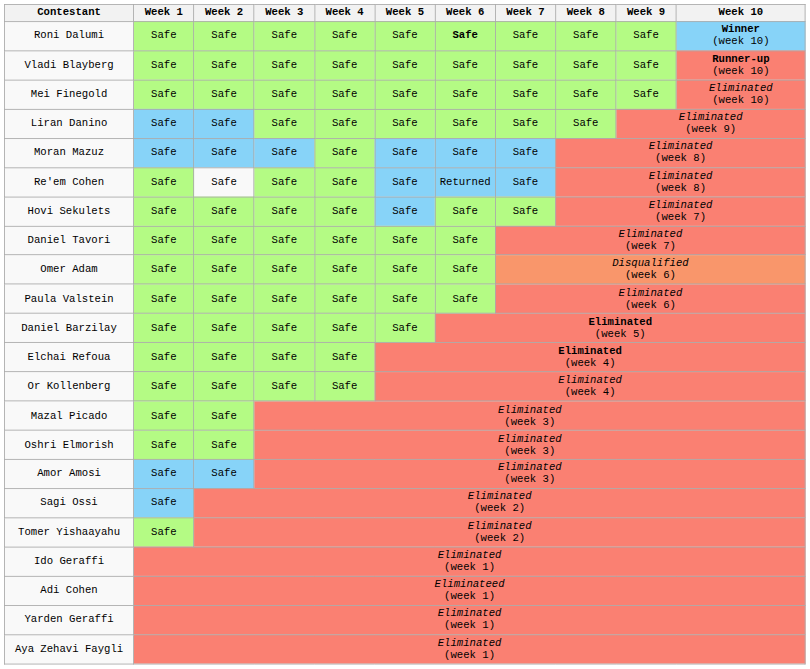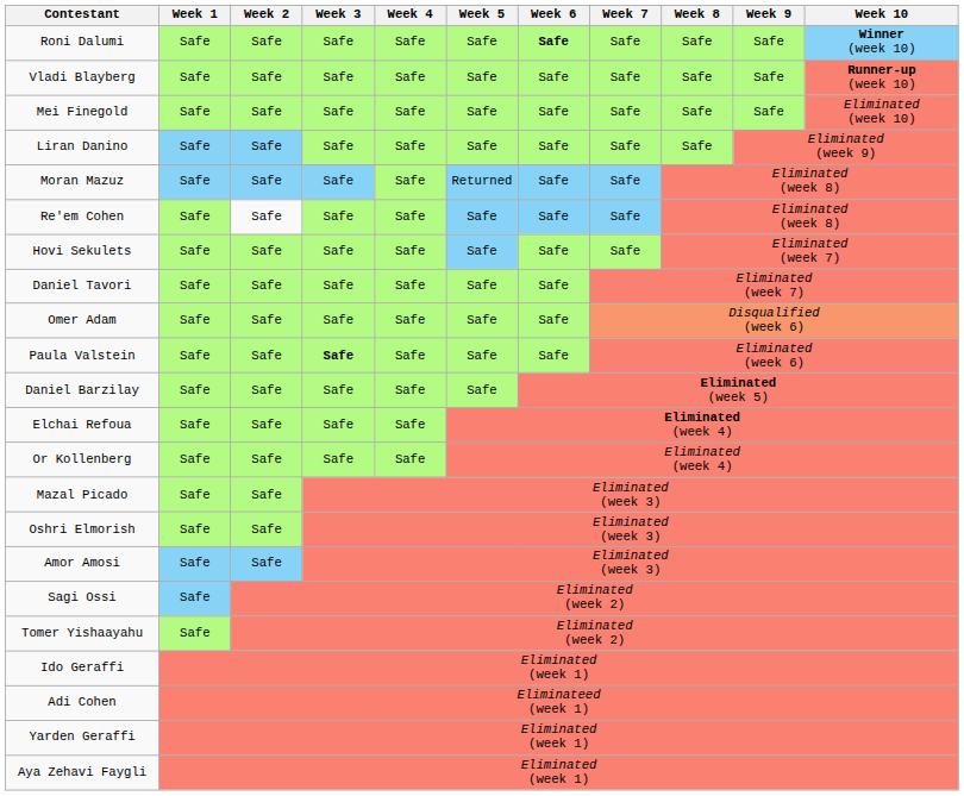 <table class="wikitable" style="text-align:center; font-size:95%">
 <tr>
 <th style="width:15%">Contestant</th>
 <th style="width:7%">Week 1</th>
 <th style="width:7%">Week 2</th>
 <th style="width:7%">Week 3</th>
 <th style="width:7%">Week 4</th>
 <th style="width:7%">Week 5</th>
 <th style="width:7%">Week 6</th>
 <th style="width:7%">Week 7</th>
 <th style="width:7%">Week 8</th>
 <th style="width:7%">Week 9</th>
 <th style="width:15%">Week 10</th>
 </tr>
 <tr>
 <td>Roni Dalumi</td>
 <td style="background:#B4FB84">Safe</td>
 <td style="background:#B4FB84">Safe</td>
 <td style="background:#B4FB84">Safe</td>
 <td style="background:#B4FB84">Safe</td>
 <td style="background:#B4FB84">Safe</td>
 <td style="background:#B4FB84"><strong>Safe</strong></td>
 <td style="background:#B4FB84">Safe</td>
 <td style="background:#B4FB84">Safe</td>
 <td style="background:#B4FB84">Safe</td>
 <td style="background:#87D3F8" colspan=1><strong>Winner</strong><br>(week 10)</td>
 </tr>
 <tr>
 <td>Vladi Blayberg</td>
 <td style="background:#B4FB84">Safe</td>
 <td style="background:#B4FB84">Safe</td>
 <td style="background:#B4FB84">Safe</td>
 <td style="background:#B4FB84">Safe</td>
 <td style="background:#B4FB84">Safe</td>
 <td style="background:#B4FB84">Safe</td>
 <td style="background:#B4FB84">Safe</td>
 <td style="background:#B4FB84">Safe</td>
 <td style="background:#B4FB84">Safe</td>
 <td style="background:#FA8072" colspan=1><strong>Runner-up</strong><br>(week 10)</td>
 </tr>
 <tr>
 <td>Mei Finegold</td>
 <td style="background:#B4FB84">Safe</td>
 <td style="background:#B4FB84">Safe</td>
 <td style="background:#B4FB84">Safe</td>
 <td style="background:#B4FB84">Safe</td>
 <td style="background:#B4FB84">Safe</td>
 <td style="background:#B4FB84">Safe</td>
 <td style="background:#B4FB84">Safe</td>
 <td style="background:#B4FB84">Safe</td>
 <td style="background:#B4FB84">Safe</td>
 <td style="background:#FA8072" colspan=1><em>Eliminated</em><br>(week 10)</td>
 </tr>
 <tr>
 <td>Liran Danino</td>
 <td style="background:#87D3F8">Safe</td>
 <td style="background:#87D3F8">Safe</td>
 <td style="background:#B4FB84">Safe</td>
 <td style="background:#B4FB84">Safe</td>
 <td style="background:#B4FB84">Safe</td>
 <td style="background:#B4FB84">Safe</td>
 <td style="background:#B4FB84">Safe</td>
 <td style="background:#B4FB84">Safe</td>
 <td style="background:#FA8072" colspan=3><em>Eliminated</em><br>(week 9)</td>
 </tr>
 <tr>
 <td>Moran Mazuz</td>
 <td style="background:#87D3F8">Safe</td>
 <td style="background:#87D3F8">Safe</td>
 <td style="background:#87D3F8">Safe</td>
 <td style="background:#B4FB84">Safe</td>
-<td style="background:#87D3F8">Safe</td>
+<td style="background:#87D3F8">Returned</td>
 <td style="background:#87D3F8">Safe</td>
 <td style="background:#87D3F8">Safe</td>
 <td style="background:#FA8072" colspan=4><em>Eliminated</em><br>(week 8)</td>
 </tr>
 <tr>
 <td>Re'em Cohen</td>
 <td style="background:#B4FB84">Safe</td>
 <td style="background:">Safe</td>
 <td style="background:#B4FB84">Safe</td>
 <td style="background:#B4FB84">Safe</td>
 <td style="background:#87D3F8">Safe</td>
-<td style="background:#87D3F8">Returned</td>
+<td style="background:#87D3F8">Safe</td>
 <td style="background:#87D3F8">Safe</td>
 <td style="background:#FA8072" colspan=4><em>Eliminated</em><br>(week 8)</td>
 </tr>
 <tr>
 <td>Hovi Sekulets</td>
 <td style="background:#B4FB84">Safe</td>
 <td style="background:#B4FB84">Safe</td>
 <td style="background:#B4FB84">Safe</td>
 <td style="background:#B4FB84">Safe</td>
 <td style="background:#87D3F8">Safe</td>
 <td style="background:#B4FB84">Safe</td>
 <td style="background:#B4FB84">Safe</td>
 <td style="background:#FA8072" colspan=5><em>Eliminated</em><br>(week 7)</td>
 </tr>
 <tr>
 <td>Daniel Tavori</td>
 <td style="background:#B4FB84">Safe</td>
 <td style="background:#B4FB84">Safe</td>
 <td style="background:#B4FB84">Safe</td>
 <td style="background:#B4FB84">Safe</td>
 <td style="background:#B4FB84">Safe</td>
 <td style="background:#B4FB84">Safe</td>
 <td style="background:#FA8072" colspan=5><em>Eliminated</em><br>(week 7)</td>
 </tr>
 <tr>
 <td>Omer Adam</td>
 <td style="background:#B4FB84">Safe</td>
 <td style="background:#B4FB84">Safe</td>
 <td style="background:#B4FB84">Safe</td>
 <td style="background:#B4FB84">Safe</td>
 <td style="background:#B4FB84">Safe</td>
 <td style="background:#B4FB84">Safe</td>
 <td style="background:#F9966B"  colspan=6><em>Disqualified</em><br>(week 6)</td>
 </tr>
 <tr>
 <td>Paula Valstein</td>
 <td style="background:#B4FB84">Safe</td>
 <td style="background:#B4FB84">Safe</td>
-<td style="background:#B4FB84">Safe</td>
+<td style="background:#B4FB84"><strong>Safe</strong></td>
 <td style="background:#B4FB84">Safe</td>
 <td style="background:#B4FB84">Safe</td>
 <td style="background:#B4FB84">Safe</td>
 <td style="background:#FA8072" colspan=6><em>Eliminated</em><br>(week 6)</td>
 </tr>
 <tr>
 <td>Daniel Barzilay</td>
 <td style="background:#B4FB84">Safe</td>
 <td style="background:#B4FB84">Safe</td>
 <td style="background:#B4FB84">Safe</td>
 <td style="background:#B4FB84">Safe</td>
 <td style="background:#B4FB84">Safe</td>
 <td style="background:#FA8072" colspan=6><strong>Eliminated</strong><br>(week 5)</td>
 </tr>
 <tr>
 <td>Elchai Refoua</td>
 <td style="background:#B4FB84">Safe</td>
 <td style="background:#B4FB84">Safe</td>
 <td style="background:#B4FB84">Safe</td>
 <td style="background:#B4FB84">Safe</td>
 <td style="background:#FA8072" colspan=7><strong>Eliminated</strong><br>(week 4)</td>
 </tr>
 <tr>
 <td>Or Kollenberg</td>
 <td style="background:#B4FB84">Safe</td>
 <td style="background:#B4FB84">Safe</td>
 <td style="background:#B4FB84">Safe</td>
 <td style="background:#B4FB84">Safe</td>
 <td style="background:#FA8072"  colspan=7><em>Eliminated</em><br>(week 4)</td>
 </tr>
 <tr>
 <td>Mazal Picado</td>
 <td style="background:#B4FB84">Safe</td>
 <td style="background:#B4FB84">Safe</td>
 <td style="background:#FA8072" colspan=8><em>Eliminated</em><br>(week 3)</td>
 </tr>
 <tr>
 <td>Oshri Elmorish</td>
 <td style="background:#B4FB84">Safe</td>
 <td style="background:#B4FB84">Safe</td>
 <td style="background:#FA8072" colspan=8><em>Eliminated</em><br>(week 3)</td>
 </tr>
 <tr>
 <td>Amor Amosi</td>
 <td style="background:#87D3F8">Safe</td>
 <td style="background:#87D3F8">Safe</td>
 <td style="background:#FA8072" colspan=8><em>Eliminated</em><br>(week 3)</td>
 </tr>
 <tr>
 <td>Sagi Ossi</td>
 <td style="background:#87D3F8">Safe</td>
 <td style="background:#FA8072" colspan=9><em>Eliminated</em><br>(week 2)</td>
 </tr>
 <tr>
 <td>Tomer Yishaayahu</td>
 <td style="background:#B4FB84">Safe</td>
 <td style="background:#FA8072" colspan=9><em>Eliminated</em><br>(week 2)</td>
 </tr>
 <tr>
 <td>Ido Geraffi</td>
 <td style="background:#FA8072" colspan=10><em>Eliminated</em><br>(week 1)</td>
 </tr>
 <tr>
 <td>Adi Cohen</td>
 <td style="background:#FA8072"  colspan=10><em>Eliminateed</em><br>(week 1)</td>
 </tr>
 <tr>
 <td>Yarden Geraffi</td>
 <td style="background:#FA8072"  colspan=10><em>Eliminated</em><br>(week 1)</td>
 </tr>
 <tr>
 <td>Aya Zehavi Faygli</td>
 <td style="background:#FA8072"  colspan=10><em>Eliminated</em><br>(week 1)</td>
 </tr>
 </table>
